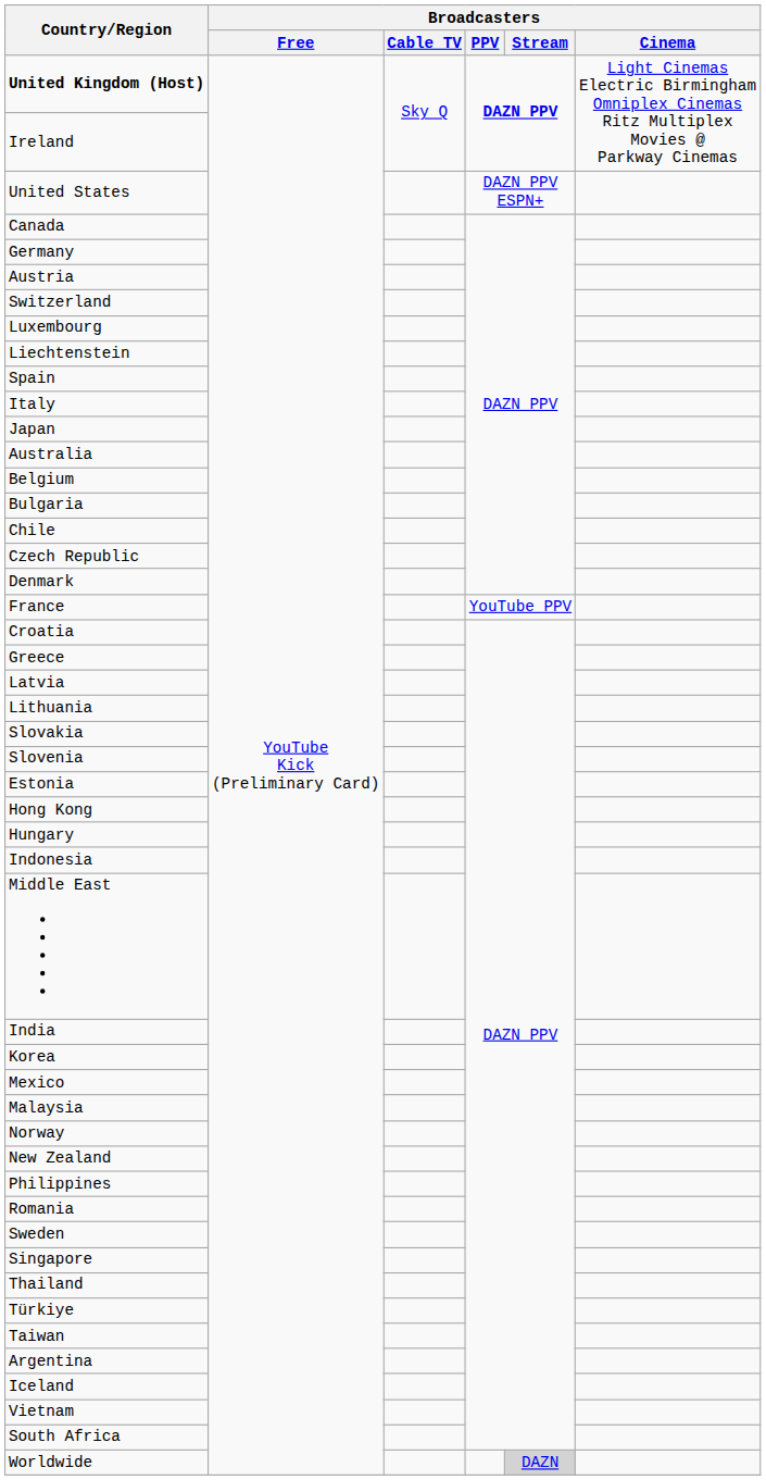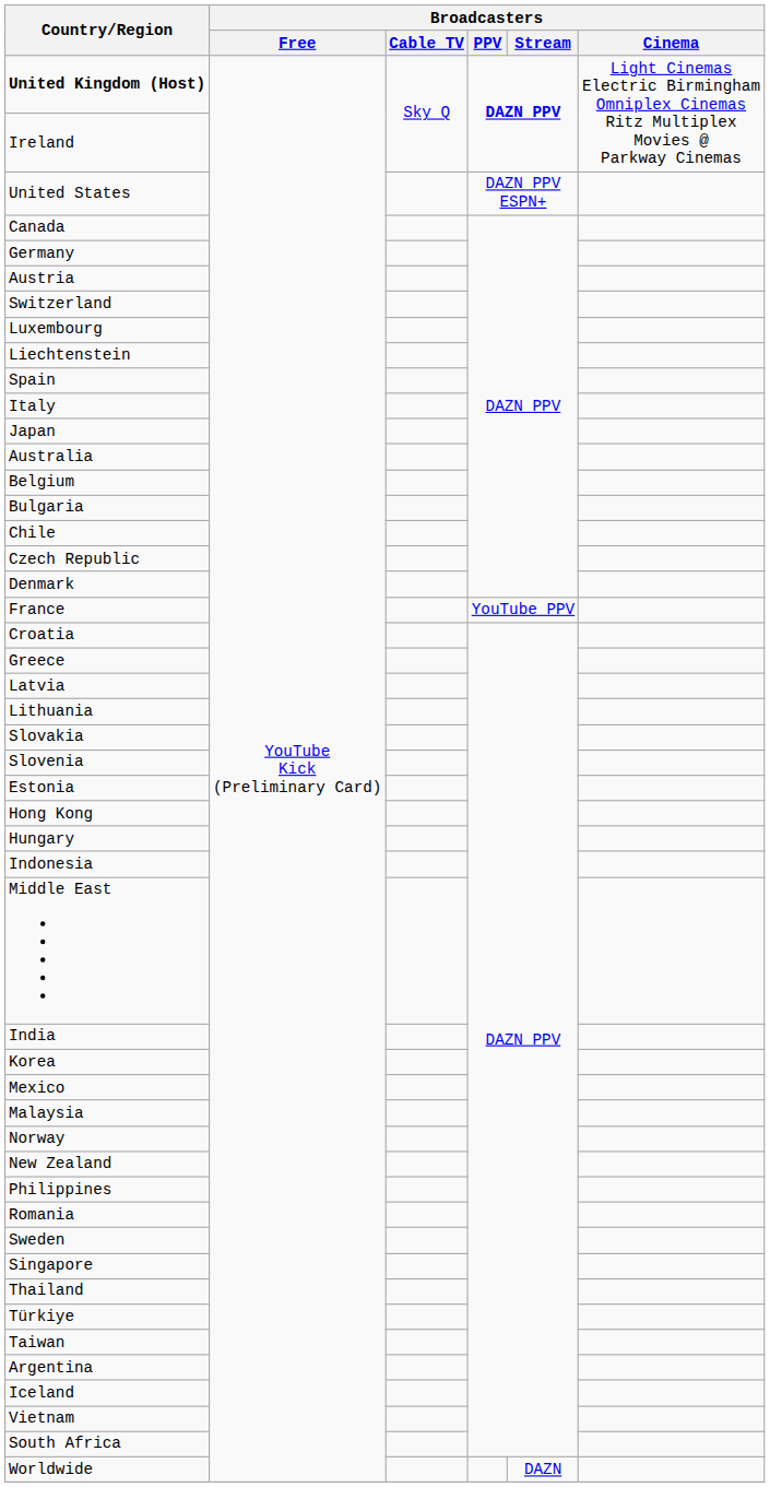 <table class="wikitable collapsible collapsed">
 <tr>
 <th rowspan="2">Country/Region</th>
 <th colspan="5">Broadcasters</th>
 </tr>
 <tr>
 <th><a href='#'>Free</a></th>
 <th><a href='#'>Cable TV</a></th>
 <th><a href='#'>PPV</a></th>
 <th><a href='#'>Stream</a></th>
 <th><a href='#'>Cinema</a></th>
 </tr>
 <tr>
 <td><strong>United Kingdom (Host)</strong></td>
 <td rowspan="48" align="center"><a href='#'>YouTube</a> <br> <a href='#'>Kick</a> <br> (Preliminary Card)</td>
 <td rowspan="2" align="center"><a href='#'>Sky Q</a></td>
 <td colspan="2" rowspan="2" align="center"><strong><a href='#'>DAZN PPV</a></strong></td>
 <td rowspan="2" align="center"><a href='#'>Light Cinemas</a> <br> Electric Birmingham <br> <a href='#'>Omniplex Cinemas</a> <br> Ritz Multiplex <br> Movies @ <br> Parkway Cinemas</td>
 </tr>
 <tr>
 <td>Ireland</td>
 </tr>
 <tr>
 <td>United States</td>
 <td></td>
 <td colspan="2" align="center"><a href='#'>DAZN PPV</a> <br> <a href='#'>ESPN+</a></td>
 <td></td>
 </tr>
 <tr>
 <td>Canada</td>
 <td></td>
 <td colspan="2" rowspan="15" align="center"><a href='#'>DAZN PPV</a></td>
 <td></td>
 </tr>
 <tr>
 <td>Germany</td>
 <td></td>
 <td></td>
 </tr>
 <tr>
 <td>Austria</td>
 <td></td>
 <td></td>
 </tr>
 <tr>
 <td>Switzerland</td>
 <td></td>
 <td></td>
 </tr>
 <tr>
 <td>Luxembourg</td>
 <td></td>
 <td></td>
 </tr>
 <tr>
 <td>Liechtenstein</td>
 <td></td>
 <td></td>
 </tr>
 <tr>
 <td>Spain</td>
 <td></td>
 <td></td>
 </tr>
 <tr>
 <td>Italy</td>
 <td></td>
 <td></td>
 </tr>
 <tr>
 <td>Japan</td>
 <td></td>
 <td></td>
 </tr>
 <tr>
 <td>Australia</td>
 <td></td>
 <td></td>
 </tr>
 <tr>
 <td>Belgium</td>
 <td></td>
 <td></td>
 </tr>
 <tr>
 <td>Bulgaria</td>
 <td></td>
 <td></td>
 </tr>
 <tr>
 <td>Chile</td>
 <td></td>
 <td></td>
 </tr>
 <tr>
 <td>Czech Republic</td>
 <td></td>
 <td></td>
 </tr>
 <tr>
 <td>Denmark</td>
 <td></td>
 <td></td>
 </tr>
 <tr>
 <td>France</td>
 <td></td>
 <td colspan="2" align="center"><a href='#'>YouTube PPV</a></td>
 <td></td>
 </tr>
 <tr>
 <td>Croatia</td>
 <td></td>
 <td colspan="2" rowspan="28" align="center"><a href='#'>DAZN PPV</a></td>
 <td></td>
 </tr>
 <tr>
 <td>Greece</td>
 <td></td>
 <td></td>
 </tr>
 <tr>
 <td>Latvia</td>
 <td></td>
 <td></td>
 </tr>
 <tr>
 <td>Lithuania</td>
 <td></td>
 <td></td>
 </tr>
 <tr>
 <td>Slovakia</td>
 <td></td>
 <td></td>
 </tr>
 <tr>
 <td>Slovenia</td>
 <td></td>
 <td></td>
 </tr>
 <tr>
 <td>Estonia</td>
 <td></td>
 <td></td>
 </tr>
 <tr>
 <td>Hong Kong</td>
 <td></td>
 <td></td>
 </tr>
 <tr>
 <td>Hungary</td>
 <td></td>
 <td></td>
 </tr>
 <tr>
 <td>Indonesia</td>
 <td></td>
 <td></td>
 </tr>
 <tr>
 <td>Middle East <br><ul><li></li><li></li><li></li><li></li><li></li></ul></td>
 <td></td>
 <td></td>
 </tr>
 <tr>
 <td>India</td>
 <td></td>
 <td></td>
 </tr>
 <tr>
 <td>Korea</td>
 <td></td>
 <td></td>
 </tr>
 <tr>
 <td>Mexico</td>
 <td></td>
 <td></td>
 </tr>
 <tr>
 <td>Malaysia</td>
 <td></td>
 <td></td>
 </tr>
 <tr>
 <td>Norway</td>
 <td></td>
 <td></td>
 </tr>
 <tr>
 <td>New Zealand</td>
 <td></td>
 <td></td>
 </tr>
 <tr>
 <td>Philippines</td>
 <td></td>
 <td></td>
 </tr>
 <tr>
 <td>Romania</td>
 <td></td>
 <td></td>
 </tr>
 <tr>
 <td>Sweden</td>
 <td></td>
 <td></td>
 </tr>
 <tr>
 <td>Singapore</td>
 <td></td>
 <td></td>
 </tr>
 <tr>
 <td>Thailand</td>
 <td></td>
 <td></td>
 </tr>
 <tr>
 <td>Türkiye</td>
 <td></td>
 <td></td>
 </tr>
 <tr>
 <td>Taiwan</td>
 <td></td>
 <td></td>
 </tr>
 <tr>
 <td>Argentina</td>
 <td></td>
 <td></td>
 </tr>
 <tr>
 <td>Iceland</td>
 <td></td>
 <td></td>
 </tr>
 <tr>
 <td>Vietnam</td>
 <td></td>
 <td></td>
 </tr>
 <tr>
 <td>South Africa</td>
 <td></td>
 <td></td>
 </tr>
 <tr>
 <td>Worldwide</td>
 <td></td>
 <td></td>
-<td align="center" style="background: lightgrey;"><a href='#'>DAZN</a></td>
+<td align="center"><a href='#'>DAZN</a></td>
 <td></td>
 </tr>
 <tr>
 </tr>
 </table>
